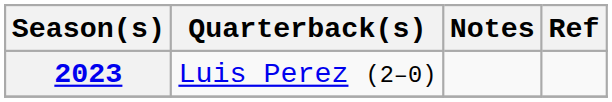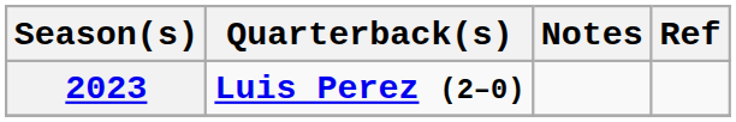 <table class="wikitable plainrowheaders">
 <tr>
 <th>Season(s)</th>
 <th>Quarterback(s)</th>
 <th>Notes</th>
 <th>Ref</th>
 </tr>
 <tr>
 <th scope="row"><a href='#'>2023</a></th>
-<td><a href='#'>Luis Perez</a> <small>(2–0)</small></td>
+<td><strong><a href='#'>Luis Perez</a> <small>(2–0)</small></strong></td>
 <td></td>
 <td></td>
 </tr>
 <tr>
 </tr>
 </table>
